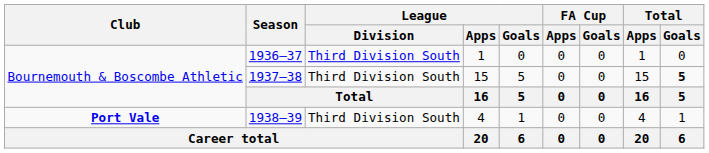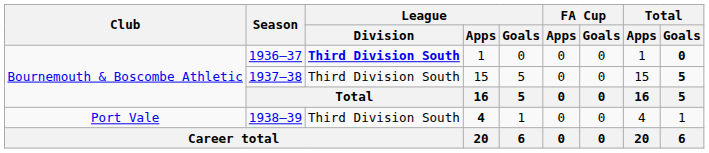 <table class="wikitable" style="text-align: center;">
 <tr>
 <th rowspan="2">Club</th>
 <th rowspan="2">Season</th>
 <th colspan="3">League</th>
 <th colspan="2">FA Cup</th>
 <th colspan="2">Total</th>
 </tr>
 <tr>
 <th>Division</th>
 <th>Apps</th>
 <th>Goals</th>
 <th>Apps</th>
 <th>Goals</th>
 <th>Apps</th>
 <th>Goals</th>
 </tr>
 <tr>
 <td rowspan="3"><a href='#'>Bournemouth & Boscombe Athletic</a></td>
 <td><a href='#'>1936–37</a></td>
-<td><a href='#'>Third Division South</a></td>
+<td><strong><a href='#'>Third Division South</a></strong></td>
 <td>1</td>
 <td>0</td>
 <td>0</td>
 <td>0</td>
 <td>1</td>
-<td>0</td>
+<td><strong>0</strong></td>
 </tr>
 <tr>
 <td><a href='#'>1937–38</a></td>
 <td>Third Division South</td>
 <td>15</td>
 <td>5</td>
 <td>0</td>
 <td>0</td>
 <td>15</td>
 <td><strong>5</strong></td>
 </tr>
 <tr>
 <th colspan="2">Total</th>
 <th>16</th>
 <th>5</th>
 <th>0</th>
 <th>0</th>
 <th>16</th>
 <th>5</th>
 </tr>
 <tr>
-<td><strong><a href='#'>Port Vale</a></strong></td>
+<td><a href='#'>Port Vale</a></td>
 <td><a href='#'>1938–39</a></td>
 <td>Third Division South</td>
-<td>4</td>
+<td><strong>4</strong></td>
 <td>1</td>
 <td>0</td>
 <td>0</td>
 <td>4</td>
 <td>1</td>
 </tr>
 <tr>
 <th colspan="3">Career total</th>
 <th>20</th>
 <th>6</th>
 <th>0</th>
 <th>0</th>
 <th>20</th>
 <th>6</th>
 </tr>
 </table>
